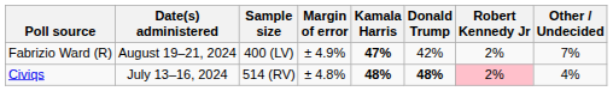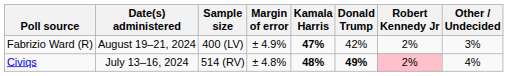 <table class="wikitable sortable mw-datatable" style="font-size:90%;text-align:center;line-height:17px">
 <tr valign=bottom>
 <th>Poll source</th>
 <th>Date(s)<br>administered</th>
 <th>Sample<br>size</th>
 <th>Margin<br>of error</th>
 <th class="unsortable">Kamala<br>Harris<br></th>
 <th class="unsortable">Donald<br>Trump<br></th>
 <th class="unsortable">Robert<br>Kennedy Jr<br></th>
 <th class="unsortable">Other /<br>Undecided</th>
 </tr>
 <tr>
 <td style="text-align:left;">Fabrizio Ward (R)</td>
 <td data-sort-value="2024-08-23">August 19–21, 2024</td>
 <td>400 (LV)</td>
 <td>± 4.9%</td>
 <td style="color:black;background-color:"><strong>47%</strong></td>
 <td>42%</td>
 <td>2%</td>
-<td>7%</td>
+<td>3%</td>
 </tr>
 <tr>
 <td style="text-align:left;"><a href='#'>Civiqs</a></td>
 <td data-sort-value="2024-07-19">July 13–16, 2024</td>
 <td>514 (RV)</td>
 <td>± 4.8%</td>
 <td><strong>48%</strong></td>
-<td><strong>48%</strong></td>
+<td><strong>49%</strong></td>
 <td style="background: pink;">2%</td>
 <td>4%</td>
 </tr>
 </table>
